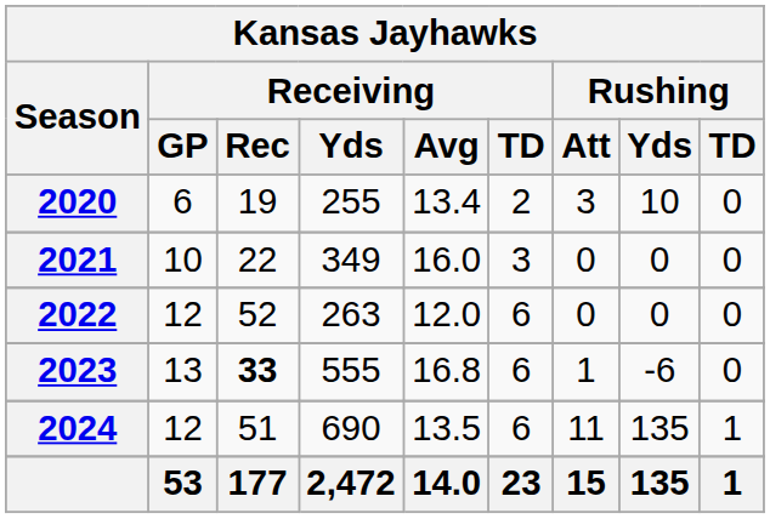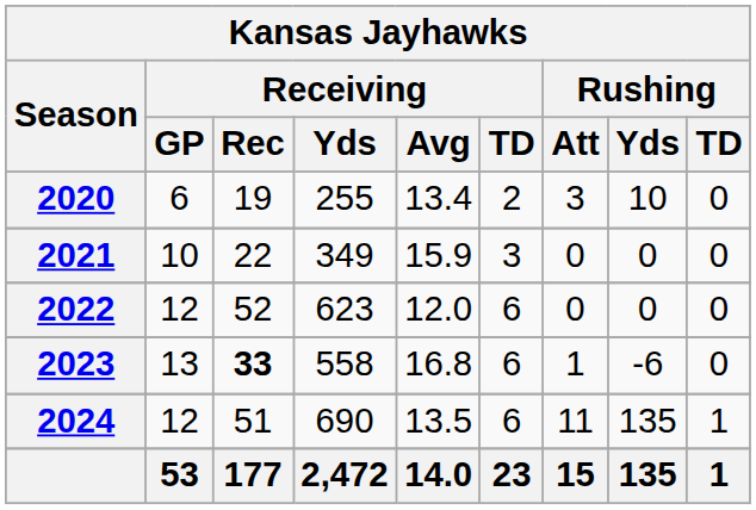 <table class=wikitable style="text-align:center;">
 <tr>
 <th colspan="10">Kansas Jayhawks</th>
 </tr>
 <tr>
 <th rowspan="2">Season</th>
 <th colspan="5">Receiving</th>
 <th colspan="3">Rushing</th>
 </tr>
 <tr>
 <th>GP</th>
 <th>Rec</th>
 <th>Yds</th>
 <th>Avg</th>
 <th>TD</th>
 <th>Att</th>
 <th>Yds</th>
 <th>TD</th>
 </tr>
 <tr>
 <th><a href='#'>2020</a></th>
 <td>6</td>
 <td>19</td>
 <td>255</td>
 <td>13.4</td>
 <td>2</td>
 <td>3</td>
 <td>10</td>
 <td>0</td>
 </tr>
 <tr>
 </tr>
 <tr>
 <th><a href='#'>2021</a></th>
 <td>10</td>
 <td>22</td>
 <td>349</td>
-<td>16.0</td>
+<td>15.9</td>
 <td>3</td>
 <td>0</td>
 <td>0</td>
 <td>0</td>
 </tr>
 <tr>
 </tr>
 <tr>
 <th><a href='#'>2022</a></th>
 <td>12</td>
 <td>52</td>
-<td>263</td>
+<td>623</td>
 <td>12.0</td>
 <td>6</td>
 <td>0</td>
 <td>0</td>
 <td>0</td>
 </tr>
 <tr>
 </tr>
 <tr>
 <th><a href='#'>2023</a></th>
 <td>13</td>
 <td><strong>33</strong></td>
-<td>555</td>
+<td>558</td>
 <td>16.8</td>
 <td>6</td>
 <td>1</td>
 <td>-6</td>
 <td>0</td>
 </tr>
 <tr>
 </tr>
 <tr>
 <th><a href='#'>2024</a></th>
 <td>12</td>
 <td>51</td>
 <td>690</td>
 <td>13.5</td>
 <td>6</td>
 <td>11</td>
 <td>135</td>
 <td>1</td>
 </tr>
 <tr>
 </tr>
 <tr>
 <th></th>
 <th>53</th>
 <th>177</th>
 <th>2,472</th>
 <th>14.0</th>
 <th>23</th>
 <th>15</th>
 <th>135</th>
 <th>1</th>
 </tr>
 </table>
